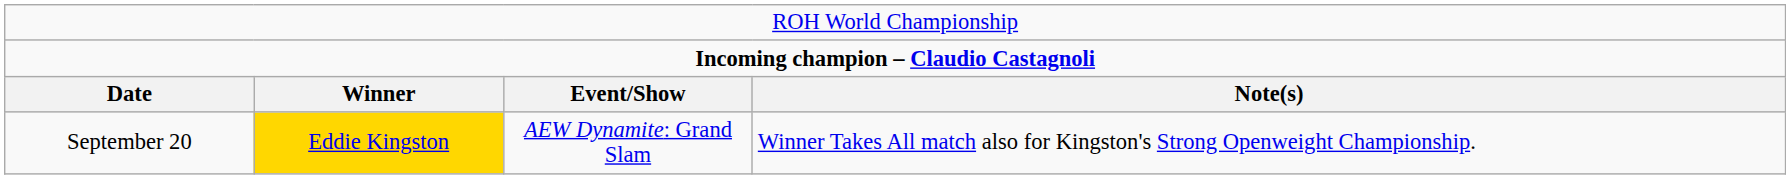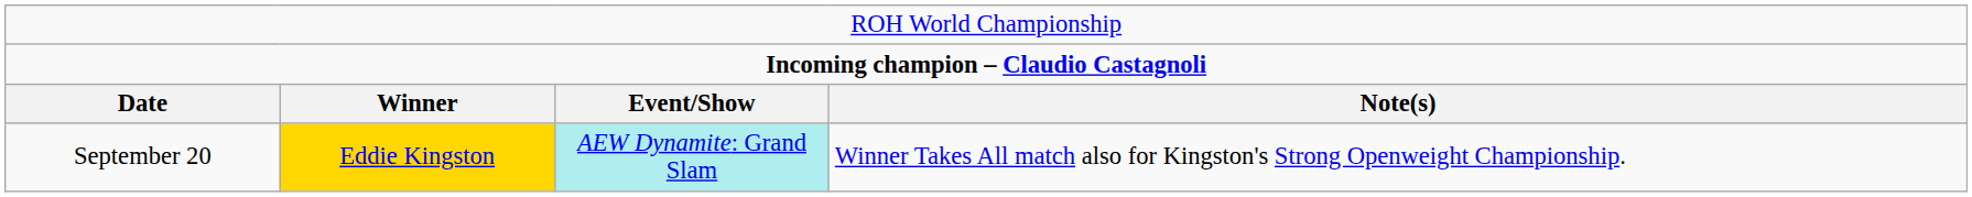 <table class="wikitable" style="text-align:center; width:100%;">
 <tr>
 <td colspan="5" style="text-align: center;"><a href='#'>ROH World Championship</a></td>
 </tr>
 <tr>
 <td colspan="5" style="text-align: center;"><strong>Incoming champion – <a href='#'>Claudio Castagnoli</a></strong></td>
 </tr>
 <tr>
 <th width=14%>Date</th>
 <th width=14%>Winner</th>
 <th width=14%>Event/Show</th>
 <th width=58%>Note(s)</th>
 </tr>
 <tr>
 <td>September 20</td>
 <td style="background: gold;"><a href='#'>Eddie Kingston</a></td>
-<td><a href='#'><em>AEW Dynamite</em>: Grand Slam</a></td>
+<td style="background: paleturquoise;"><a href='#'><em>AEW Dynamite</em>: Grand Slam</a></td>
 <td align=left><a href='#'>Winner Takes All match</a> also for Kingston's <a href='#'>Strong Openweight Championship</a>.</td>
 </tr>
 </table>
